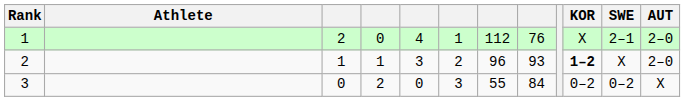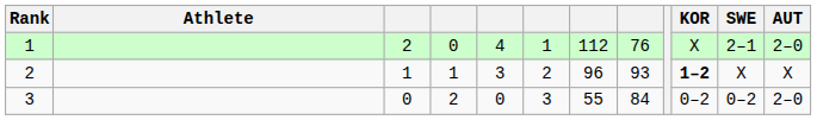 <table class="wikitable" style="text-align:center">
 <tr>
 <th>Rank</th>
 <th width=250>Athlete</th>
 <th width=30></th>
 <th width=30></th>
 <th width=30></th>
 <th width=30></th>
 <th width=30></th>
 <th width=30></th>
 <th rowspan=4></th>
 <th width=30>KOR</th>
 <th width=30>SWE</th>
 <th width=30>AUT</th>
 </tr>
 <tr style="background-color:#ccffcc;">
 <td>1</td>
 <td align=left></td>
 <td>2</td>
 <td>0</td>
 <td>4</td>
 <td>1</td>
 <td>112</td>
 <td>76</td>
 <td>X</td>
 <td>2–1</td>
 <td>2–0</td>
 </tr>
 <tr>
 <td>2</td>
 <td align=left></td>
 <td>1</td>
 <td>1</td>
 <td>3</td>
 <td>2</td>
 <td>96</td>
 <td>93</td>
 <td><strong>1–2</strong></td>
 <td>X</td>
-<td>2–0</td>
+<td>X</td>
 </tr>
 <tr>
 <td>3</td>
 <td align=left></td>
 <td>0</td>
 <td>2</td>
 <td>0</td>
 <td>3</td>
 <td>55</td>
 <td>84</td>
 <td>0–2</td>
 <td>0–2</td>
-<td>X</td>
+<td>2–0</td>
 </tr>
 </table>
